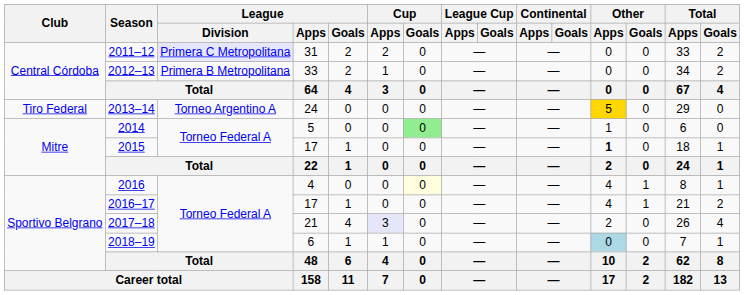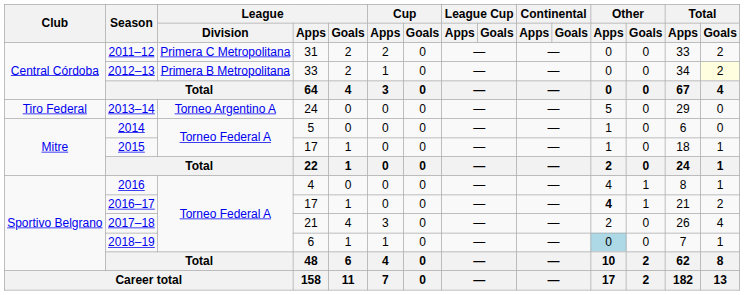 <table class="wikitable" style="text-align:center">
 <tr>
 <th rowspan="2">Club</th>
 <th rowspan="2">Season</th>
 <th colspan="3">League</th>
 <th colspan="2">Cup</th>
 <th colspan="2">League Cup</th>
 <th colspan="2">Continental</th>
 <th colspan="2">Other</th>
 <th colspan="2">Total</th>
 </tr>
 <tr>
 <th>Division</th>
 <th>Apps</th>
 <th>Goals</th>
 <th>Apps</th>
 <th>Goals</th>
 <th>Apps</th>
 <th>Goals</th>
 <th>Apps</th>
 <th>Goals</th>
 <th>Apps</th>
 <th>Goals</th>
 <th>Apps</th>
 <th>Goals</th>
 </tr>
 <tr>
 <td rowspan="3"><a href='#'>Central Córdoba</a></td>
 <td><a href='#'>2011–12</a></td>
-<td rowspan="1" style="background: lavender;"><a href='#'>Primera C Metropolitana</a></td>
+<td rowspan="1"><a href='#'>Primera C Metropolitana</a></td>
 <td>31</td>
 <td>2</td>
 <td>2</td>
 <td>0</td>
 <td colspan="2">—</td>
 <td colspan="2">—</td>
 <td>0</td>
 <td>0</td>
 <td>33</td>
 <td>2</td>
 </tr>
 <tr>
 <td><a href='#'>2012–13</a></td>
 <td rowspan="1"><a href='#'>Primera B Metropolitana</a></td>
 <td>33</td>
 <td>2</td>
 <td>1</td>
 <td>0</td>
 <td colspan="2">—</td>
 <td colspan="2">—</td>
 <td>0</td>
 <td>0</td>
 <td>34</td>
-<td>2</td>
+<td style="background: lightyellow;">2</td>
 </tr>
 <tr>
 <th colspan="2">Total</th>
 <th>64</th>
 <th>4</th>
 <th>3</th>
 <th>0</th>
 <th colspan="2">—</th>
 <th colspan="2">—</th>
 <th>0</th>
 <th>0</th>
 <th>67</th>
 <th>4</th>
 </tr>
 <tr>
 <td rowspan="1"><a href='#'>Tiro Federal</a></td>
 <td><a href='#'>2013–14</a></td>
 <td rowspan="1"><a href='#'>Torneo Argentino A</a></td>
 <td>24</td>
 <td>0</td>
 <td>0</td>
 <td>0</td>
 <td colspan="2">—</td>
 <td colspan="2">—</td>
-<td style="background: gold;">5</td>
+<td>5</td>
 <td>0</td>
 <td>29</td>
 <td>0</td>
 </tr>
 <tr>
 <td rowspan="3"><a href='#'>Mitre</a></td>
 <td><a href='#'>2014</a></td>
 <td rowspan="2"><a href='#'>Torneo Federal A</a></td>
 <td>5</td>
 <td>0</td>
 <td>0</td>
-<td style="background: lightgreen;">0</td>
+<td>0</td>
 <td colspan="2">—</td>
 <td colspan="2">—</td>
 <td>1</td>
 <td>0</td>
 <td>6</td>
 <td>0</td>
 </tr>
 <tr>
 <td><a href='#'>2015</a></td>
 <td>17</td>
 <td>1</td>
 <td>0</td>
 <td>0</td>
 <td colspan="2">—</td>
 <td colspan="2">—</td>
-<td><strong>1</strong></td>
+<td>1</td>
 <td>0</td>
 <td>18</td>
 <td>1</td>
 </tr>
 <tr>
 <th colspan="2">Total</th>
 <th>22</th>
 <th>1</th>
 <th>0</th>
 <th>0</th>
 <th colspan="2">—</th>
 <th colspan="2">—</th>
 <th>2</th>
 <th>0</th>
 <th>24</th>
 <th>1</th>
 </tr>
 <tr>
 <td rowspan="5"><a href='#'>Sportivo Belgrano</a></td>
 <td><a href='#'>2016</a></td>
 <td rowspan="4"><a href='#'>Torneo Federal A</a></td>
 <td>4</td>
 <td>0</td>
 <td>0</td>
-<td style="background: lightyellow;">0</td>
+<td>0</td>
 <td colspan="2">—</td>
 <td colspan="2">—</td>
 <td>4</td>
 <td>1</td>
 <td>8</td>
 <td>1</td>
 </tr>
 <tr>
 <td><a href='#'>2016–17</a></td>
 <td>17</td>
 <td>1</td>
 <td>0</td>
 <td>0</td>
 <td colspan="2">—</td>
 <td colspan="2">—</td>
-<td>4</td>
+<td><strong>4</strong></td>
 <td>1</td>
 <td>21</td>
 <td>2</td>
 </tr>
 <tr>
 <td><a href='#'>2017–18</a></td>
 <td>21</td>
 <td>4</td>
-<td style="background: lavender;">3</td>
+<td>3</td>
 <td>0</td>
 <td colspan="2">—</td>
 <td colspan="2">—</td>
 <td>2</td>
 <td>0</td>
 <td>26</td>
 <td>4</td>
 </tr>
 <tr>
 <td><a href='#'>2018–19</a></td>
 <td>6</td>
 <td>1</td>
 <td>1</td>
 <td>0</td>
 <td colspan="2">—</td>
 <td colspan="2">—</td>
 <td style="background: lightblue;">0</td>
 <td>0</td>
 <td>7</td>
 <td>1</td>
 </tr>
 <tr>
 <th colspan="2">Total</th>
 <th>48</th>
 <th>6</th>
 <th>4</th>
 <th>0</th>
 <th colspan="2">—</th>
 <th colspan="2">—</th>
 <th>10</th>
 <th>2</th>
 <th>62</th>
 <th>8</th>
 </tr>
 <tr>
 <th colspan="3">Career total</th>
 <th>158</th>
 <th>11</th>
 <th>7</th>
 <th>0</th>
 <th colspan="2">—</th>
 <th colspan="2">—</th>
 <th>17</th>
 <th>2</th>
 <th>182</th>
 <th>13</th>
 </tr>
 </table>
